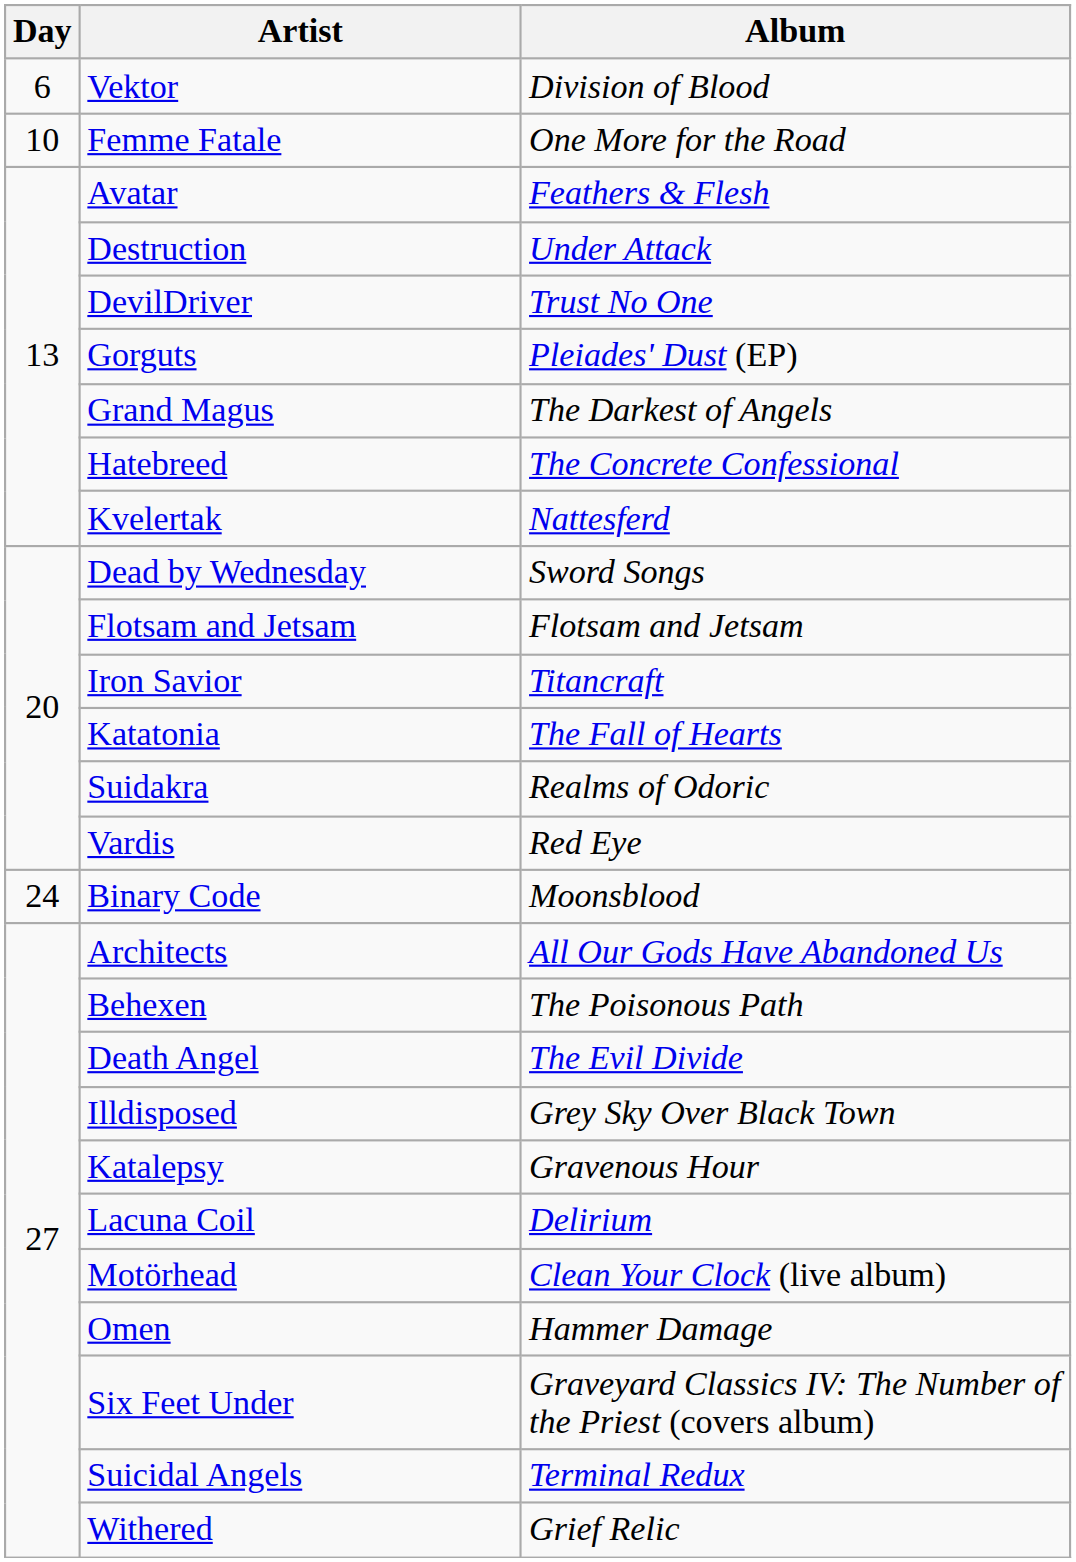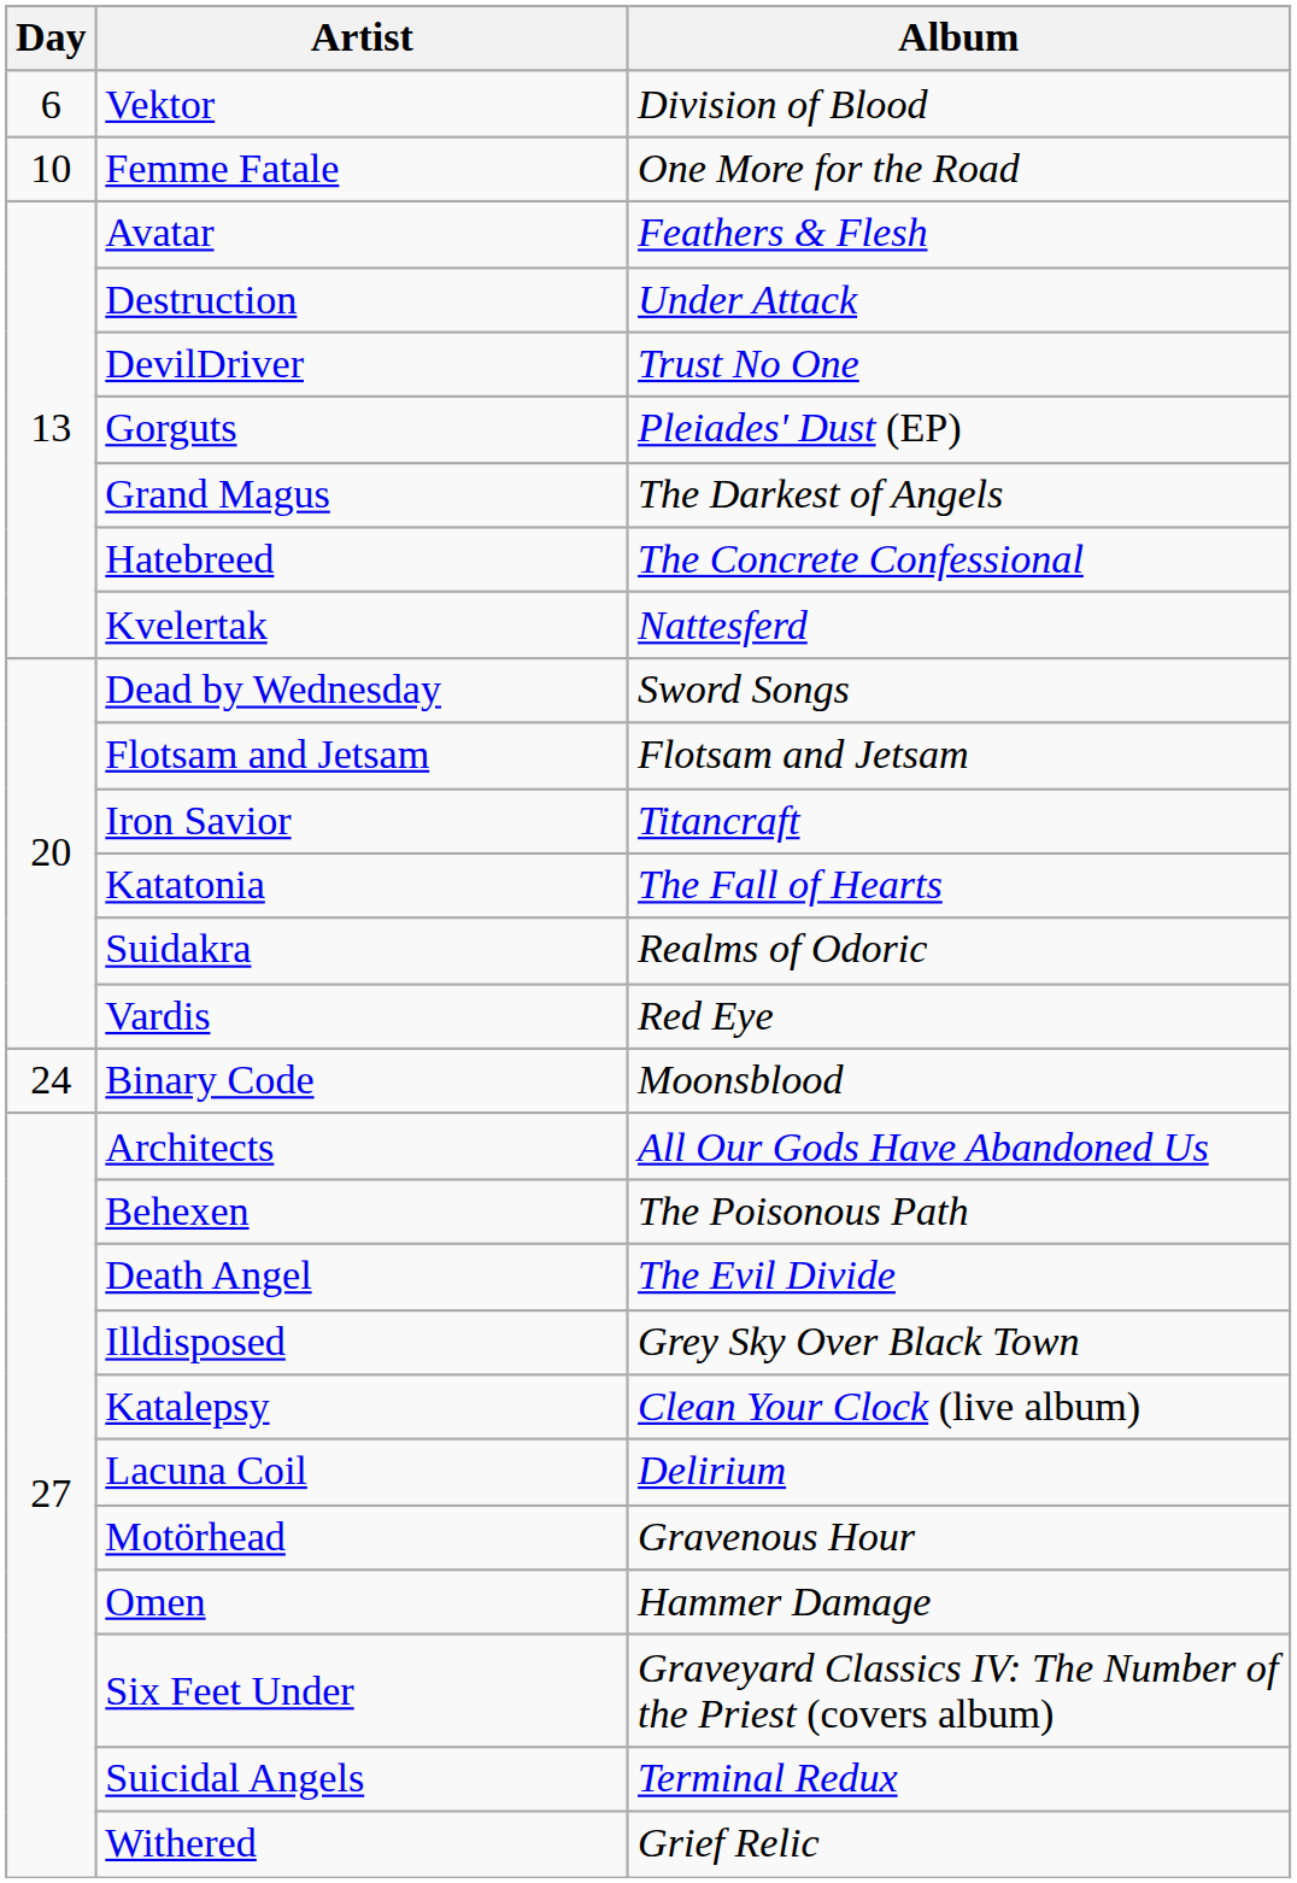 <table class="wikitable">
 <tr>
 <th style="width:20px;">Day</th>
 <th style="width:200px;">Artist</th>
 <th style="width:250px;">Album</th>
 </tr>
 <tr>
 <td style="text-align:center;">6</td>
 <td><a href='#'>Vektor</a></td>
 <td><em>Division of Blood</em></td>
 </tr>
 <tr>
 <td style="text-align:center;">10</td>
 <td><a href='#'>Femme Fatale</a></td>
 <td><em>One More for the Road</em></td>
 </tr>
 <tr>
 <td style="text-align:center;" rowspan="7">13</td>
 <td><a href='#'>Avatar</a></td>
 <td><em><a href='#'>Feathers & Flesh</a></em></td>
 </tr>
 <tr>
 <td><a href='#'>Destruction</a></td>
 <td><em><a href='#'>Under Attack</a></em></td>
 </tr>
 <tr>
 <td><a href='#'>DevilDriver</a></td>
 <td><em><a href='#'>Trust No One</a></em></td>
 </tr>
 <tr>
 <td><a href='#'>Gorguts</a></td>
 <td><em><a href='#'>Pleiades' Dust</a></em> (EP)</td>
 </tr>
 <tr>
 <td><a href='#'>Grand Magus</a></td>
 <td><em>The Darkest of Angels</em></td>
 </tr>
 <tr>
 <td><a href='#'>Hatebreed</a></td>
 <td><em><a href='#'>The Concrete Confessional</a></em></td>
 </tr>
 <tr>
 <td><a href='#'>Kvelertak</a></td>
 <td><em><a href='#'>Nattesferd</a></em></td>
 </tr>
 <tr>
 <td style="text-align:center;" rowspan="6">20</td>
 <td><a href='#'>Dead by Wednesday</a></td>
 <td><em>Sword Songs</em></td>
 </tr>
 <tr>
 <td><a href='#'>Flotsam and Jetsam</a></td>
 <td><em>Flotsam and Jetsam</em></td>
 </tr>
 <tr>
 <td><a href='#'>Iron Savior</a></td>
 <td><em><a href='#'>Titancraft</a></em></td>
 </tr>
 <tr>
 <td><a href='#'>Katatonia</a></td>
 <td><em><a href='#'>The Fall of Hearts</a></em></td>
 </tr>
 <tr>
 <td><a href='#'>Suidakra</a></td>
 <td><em>Realms of Odoric</em></td>
 </tr>
 <tr>
 <td><a href='#'>Vardis</a></td>
 <td><em>Red Eye</em></td>
 </tr>
 <tr>
 <td style="text-align:center;">24</td>
 <td><a href='#'>Binary Code</a></td>
 <td><em>Moonsblood</em></td>
 </tr>
 <tr>
 <td style="text-align:center;" rowspan="11">27</td>
 <td><a href='#'>Architects</a></td>
 <td><em><a href='#'>All Our Gods Have Abandoned Us</a></em></td>
 </tr>
 <tr>
 <td><a href='#'>Behexen</a></td>
 <td><em>The Poisonous Path</em></td>
 </tr>
 <tr>
 <td><a href='#'>Death Angel</a></td>
 <td><em><a href='#'>The Evil Divide</a></em></td>
 </tr>
 <tr>
 <td><a href='#'>Illdisposed</a></td>
 <td><em>Grey Sky Over Black Town</em></td>
 </tr>
 <tr>
 <td><a href='#'>Katalepsy</a></td>
-<td><em>Gravenous Hour</em></td>
+<td><em><a href='#'>Clean Your Clock</a></em> (live album)</td>
 </tr>
 <tr>
 <td><a href='#'>Lacuna Coil</a></td>
 <td><em><a href='#'>Delirium</a></em></td>
 </tr>
 <tr>
 <td><a href='#'>Motörhead</a></td>
-<td><em><a href='#'>Clean Your Clock</a></em> (live album)</td>
+<td><em>Gravenous Hour</em></td>
 </tr>
 <tr>
 <td><a href='#'>Omen</a></td>
 <td><em>Hammer Damage</em></td>
 </tr>
 <tr>
 <td><a href='#'>Six Feet Under</a></td>
 <td><em>Graveyard Classics IV: The Number of the Priest</em> (covers album)</td>
 </tr>
 <tr>
 <td><a href='#'>Suicidal Angels</a></td>
 <td><em><a href='#'>Terminal Redux</a></em></td>
 </tr>
 <tr>
 <td><a href='#'>Withered</a></td>
 <td><em>Grief Relic</em></td>
 </tr>
 <tr>
 </tr>
 </table>
